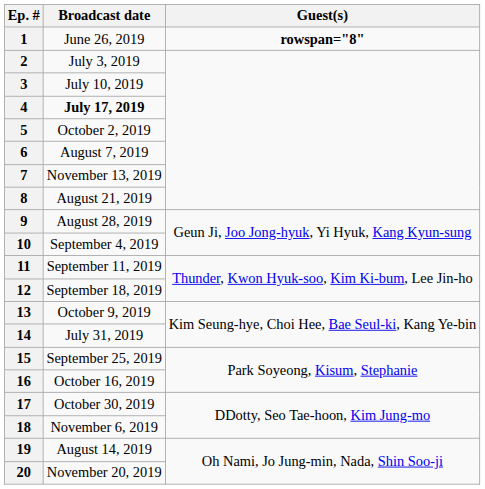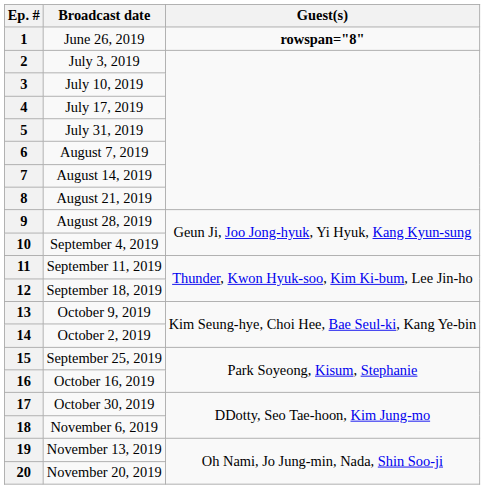 <table class="wikitable" style="text-align:center">
 <tr>
 <th>Ep. #</th>
 <th>Broadcast date</th>
 <th>Guest(s)</th>
 </tr>
 <tr>
 <th>1</th>
 <td>June 26, 2019</td>
 <td><strong>rowspan="8" </strong></td>
 </tr>
 <tr>
 <th>2</th>
 <td>July 3, 2019</td>
 </tr>
 <tr>
 <th>3</th>
 <td>July 10, 2019</td>
 </tr>
 <tr>
 <th>4</th>
-<td><strong>July 17, 2019</strong></td>
+<td>July 17, 2019</td>
 </tr>
 <tr>
 <th>5</th>
-<td>October 2, 2019</td>
+<td>July 31, 2019</td>
 </tr>
 <tr>
 <th>6</th>
 <td>August 7, 2019</td>
 </tr>
 <tr>
 <th>7</th>
-<td>November 13, 2019</td>
+<td>August 14, 2019</td>
 </tr>
 <tr>
 <th>8</th>
 <td>August 21, 2019</td>
 </tr>
 <tr>
 <th>9</th>
 <td>August 28, 2019</td>
 <td rowspan="2">Geun Ji, <a href='#'>Joo Jong-hyuk</a>, Yi Hyuk, <a href='#'>Kang Kyun-sung</a></td>
 </tr>
 <tr>
 <th>10</th>
 <td>September 4, 2019</td>
 </tr>
 <tr>
 <th>11</th>
 <td>September 11, 2019</td>
 <td rowspan="2"><a href='#'>Thunder</a>, <a href='#'>Kwon Hyuk-soo</a>, <a href='#'>Kim Ki-bum</a>, Lee Jin-ho</td>
 </tr>
 <tr>
 <th>12</th>
 <td>September 18, 2019</td>
 </tr>
 <tr>
 <th>13</th>
 <td>October 9, 2019</td>
 <td rowspan="2">Kim Seung-hye, Choi Hee, <a href='#'>Bae Seul-ki</a>, Kang Ye-bin</td>
 </tr>
 <tr>
 <th>14</th>
-<td>July 31, 2019</td>
+<td>October 2, 2019</td>
 </tr>
 <tr>
 <th>15</th>
 <td>September 25, 2019</td>
 <td rowspan="2">Park Soyeong, <a href='#'>Kisum</a>, <a href='#'>Stephanie</a></td>
 </tr>
 <tr>
 <th>16</th>
 <td>October 16, 2019</td>
 </tr>
 <tr>
 <th>17</th>
 <td>October 30, 2019</td>
 <td rowspan="2">DDotty, Seo Tae-hoon, <a href='#'>Kim Jung-mo</a></td>
 </tr>
 <tr>
 <th>18</th>
 <td>November 6, 2019</td>
 </tr>
 <tr>
 <th>19</th>
-<td>August 14, 2019</td>
+<td>November 13, 2019</td>
 <td rowspan="2">Oh Nami, Jo Jung-min, Nada, <a href='#'>Shin Soo-ji</a></td>
 </tr>
 <tr>
 <th>20</th>
 <td>November 20, 2019</td>
 </tr>
 </table>
